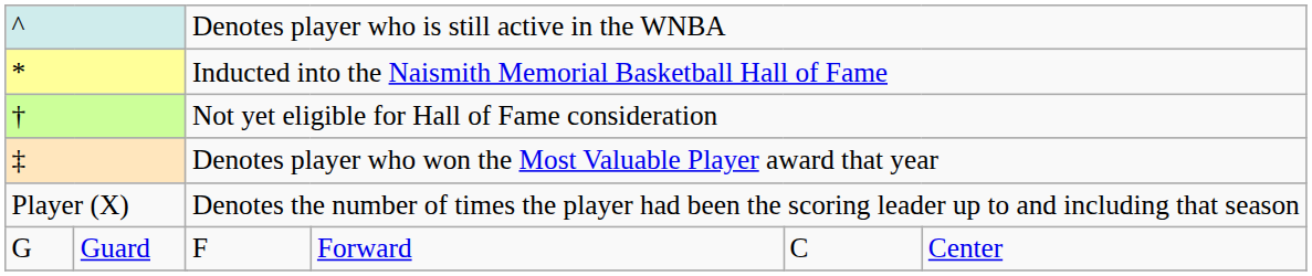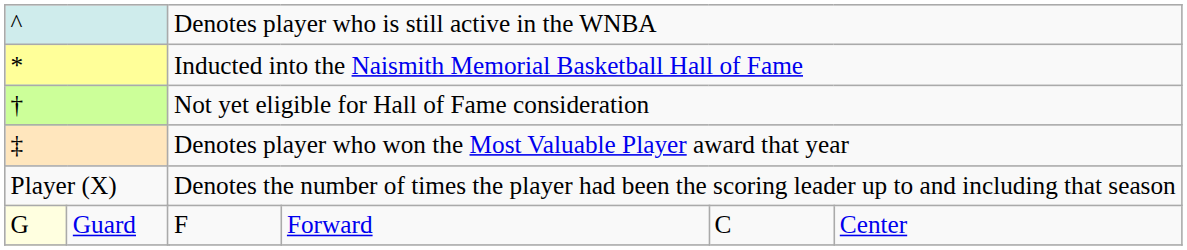 <table class="wikitable">
 <tr>
 <td style="background-color:#CFECEC; width:6em" colspan=2>^</td>
 <td colspan=5>Denotes player who is still active in the WNBA</td>
 </tr>
 <tr>
 <td style="background-color:#FFFF99; width:6em" colspan=2>*</td>
 <td colspan=5>Inducted into the <a href='#'>Naismith Memorial Basketball Hall of Fame</a></td>
 </tr>
 <tr>
 <td style="background:#CCFF99; width:6em" colspan=2>†</td>
 <td colspan=5>Not yet eligible for Hall of Fame consideration</td>
 </tr>
 <tr>
 <td style="background-color:#FFE6BD; border:1px solid #aaaaaa; width:6em" colspan=2>‡</td>
 <td colspan=5>Denotes player who won the <a href='#'>Most Valuable Player</a> award that year</td>
 </tr>
 <tr>
 <td colspan=2>Player (X)</td>
 <td colspan=5>Denotes the number of times the player had been the scoring leader up to and including that season</td>
 </tr>
 <tr>
-<td style="width:2em">G</td>
+<td style="background: lightyellow; width:2em">G</td>
 <td colspan=2><a href='#'>Guard</a></td>
 <td>F</td>
 <td><a href='#'>Forward</a></td>
 <td>C</td>
 <td><a href='#'>Center</a></td>
 </tr>
 </table>
